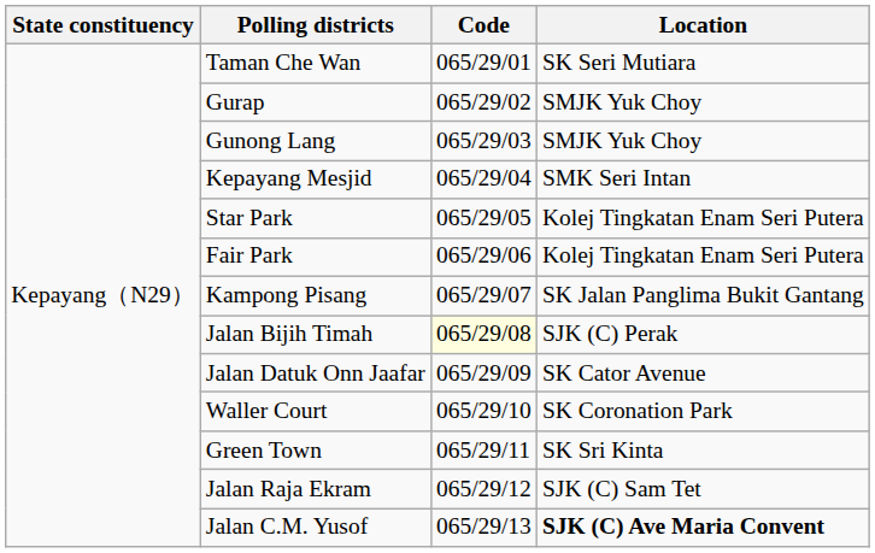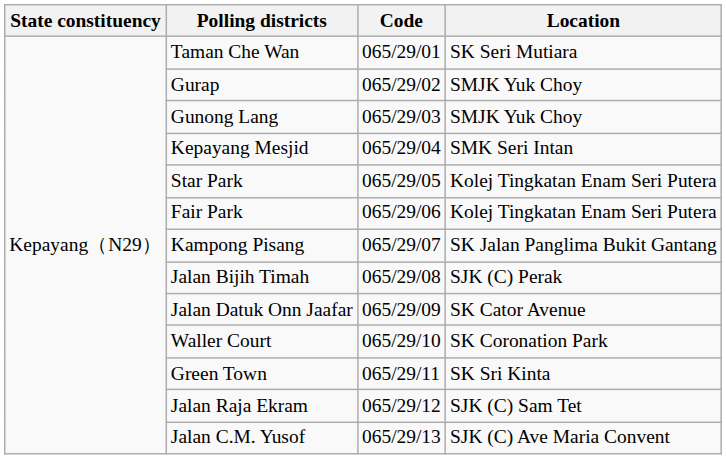 <table class="wikitable sortable mw-collapsible" style="white-space:nowrap;font-size:85%">
 <tr>
 <th>State constituency</th>
 <th>Polling districts</th>
 <th>Code</th>
 <th>Location</th>
 </tr>
 <tr>
 <td rowspan="13">Kepayang（N29）</td>
 <td>Taman Che Wan</td>
 <td>065/29/01</td>
 <td>SK Seri Mutiara</td>
 </tr>
 <tr>
 <td>Gurap</td>
 <td>065/29/02</td>
 <td>SMJK Yuk Choy</td>
 </tr>
 <tr>
 <td>Gunong Lang</td>
 <td>065/29/03</td>
 <td>SMJK Yuk Choy</td>
 </tr>
 <tr>
 <td>Kepayang Mesjid</td>
 <td>065/29/04</td>
 <td>SMK Seri Intan</td>
 </tr>
 <tr>
 <td>Star Park</td>
 <td>065/29/05</td>
 <td>Kolej Tingkatan Enam Seri Putera</td>
 </tr>
 <tr>
 <td>Fair Park</td>
 <td>065/29/06</td>
 <td>Kolej Tingkatan Enam Seri Putera</td>
 </tr>
 <tr>
 <td>Kampong Pisang</td>
 <td>065/29/07</td>
 <td>SK Jalan Panglima Bukit Gantang</td>
 </tr>
 <tr>
 <td>Jalan Bijih Timah</td>
-<td style="background: lightyellow;">065/29/08</td>
+<td>065/29/08</td>
 <td>SJK (C) Perak</td>
 </tr>
 <tr>
 <td>Jalan Datuk Onn Jaafar</td>
 <td>065/29/09</td>
 <td>SK Cator Avenue</td>
 </tr>
 <tr>
 <td>Waller Court</td>
 <td>065/29/10</td>
 <td>SK Coronation Park</td>
 </tr>
 <tr>
 <td>Green Town</td>
 <td>065/29/11</td>
 <td>SK Sri Kinta</td>
 </tr>
 <tr>
 <td>Jalan Raja Ekram</td>
 <td>065/29/12</td>
 <td>SJK (C) Sam Tet</td>
 </tr>
 <tr>
 <td>Jalan C.M. Yusof</td>
 <td>065/29/13</td>
-<td><strong>SJK (C) Ave Maria Convent</strong></td>
+<td>SJK (C) Ave Maria Convent</td>
 </tr>
 </table>
